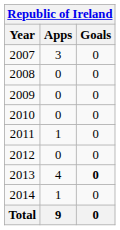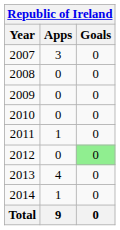 <table class="wikitable" style="text-align:center">
 <tr>
 <th colspan=3><a href='#'>Republic of Ireland</a></th>
 </tr>
 <tr>
 <th>Year</th>
 <th>Apps</th>
 <th>Goals</th>
 </tr>
 <tr>
 <td>2007</td>
 <td>3</td>
 <td>0</td>
 </tr>
 <tr>
 <td>2008</td>
 <td>0</td>
 <td>0</td>
 </tr>
 <tr>
 <td>2009</td>
 <td>0</td>
 <td>0</td>
 </tr>
 <tr>
 <td>2010</td>
 <td>0</td>
 <td>0</td>
 </tr>
 <tr>
 <td>2011</td>
 <td>1</td>
 <td>0</td>
 </tr>
 <tr>
 <td>2012</td>
 <td>0</td>
-<td>0</td>
+<td style="background: lightgreen;">0</td>
 </tr>
 <tr>
 <td>2013</td>
 <td>4</td>
-<td><strong>0</strong></td>
+<td>0</td>
 </tr>
 <tr>
 <td>2014</td>
 <td>1</td>
 <td>0</td>
 </tr>
 <tr>
 <th>Total</th>
 <th>9</th>
 <th>0</th>
 </tr>
 </table>
